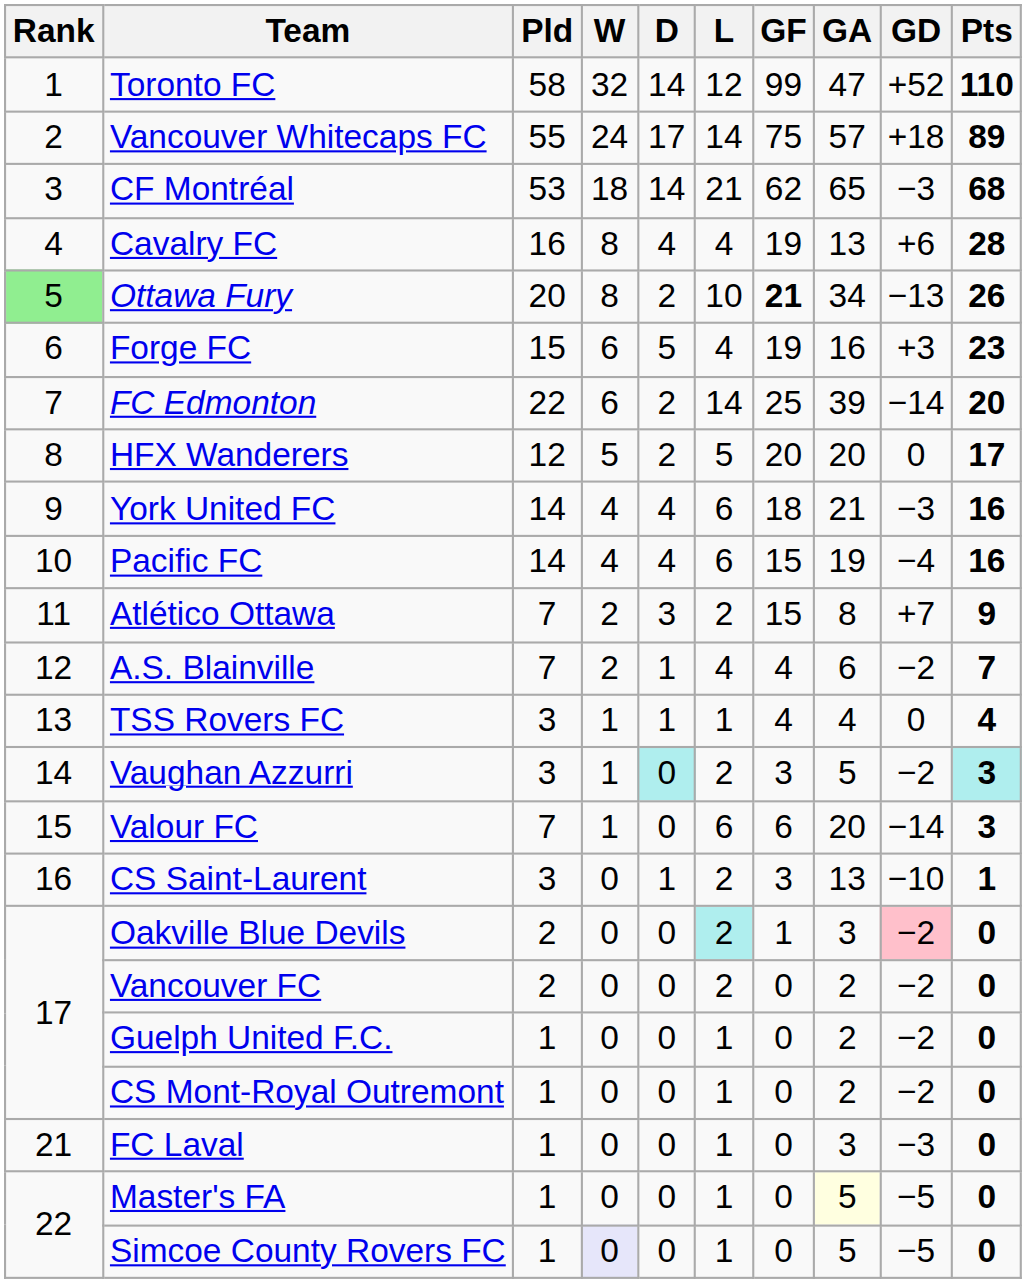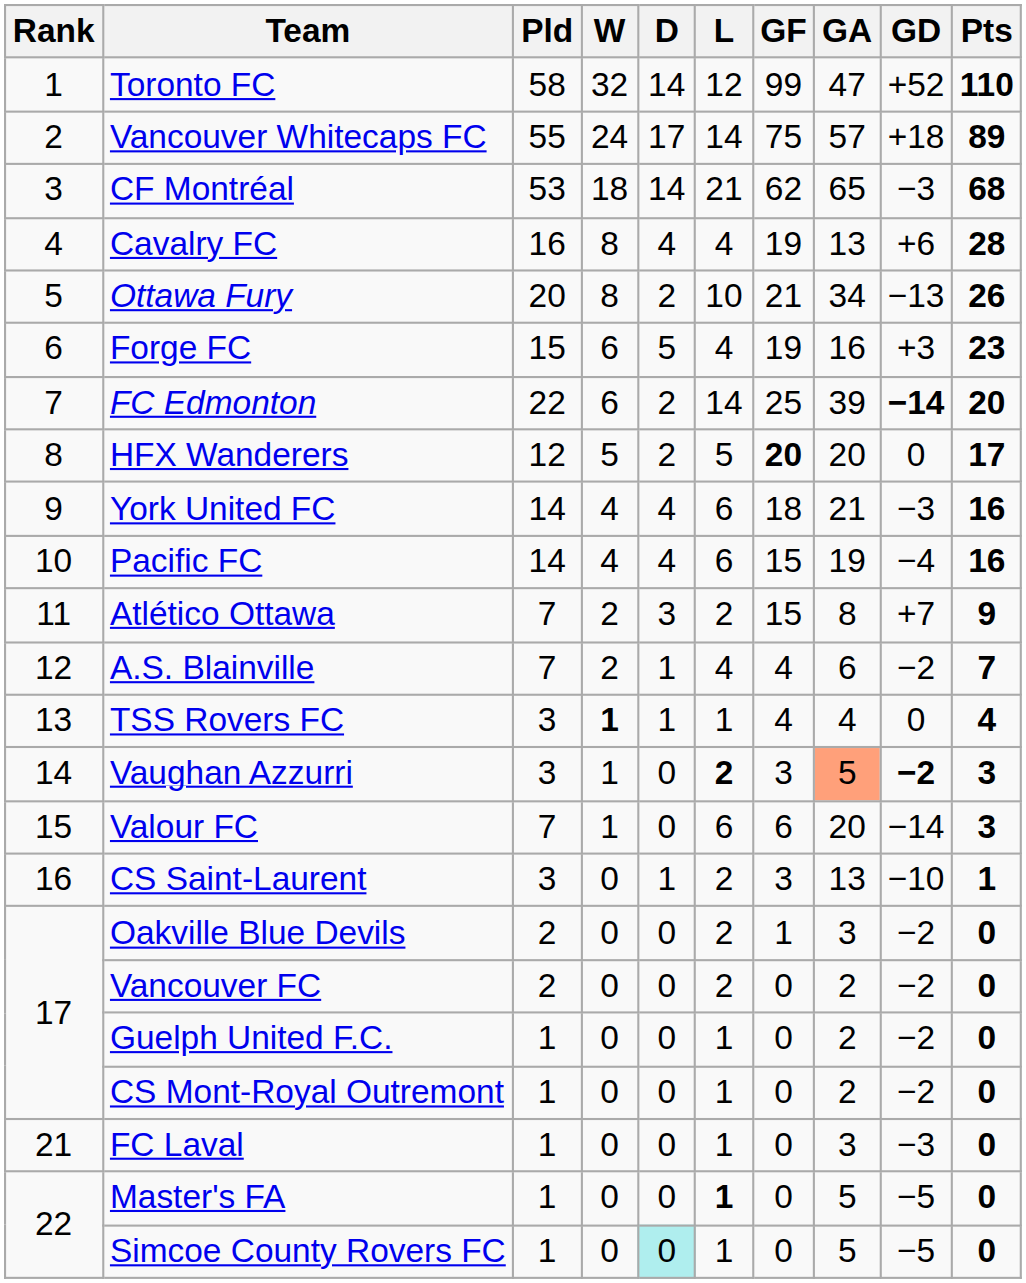 <table class="wikitable sortable" style="text-align: center;">
 <tr>
 <th>Rank</th>
 <th>Team</th>
 <th width="20">Pld</th>
 <th width="20">W</th>
 <th width="20">D</th>
 <th width="20">L</th>
 <th width="20">GF</th>
 <th width="20">GA</th>
 <th width="20">GD</th>
 <th width="20">Pts</th>
 </tr>
 <tr>
 <td>1</td>
 <td style="text-align:left;"><a href='#'>Toronto FC</a></td>
 <td>58</td>
 <td>32</td>
 <td>14</td>
 <td>12</td>
 <td>99</td>
 <td>47</td>
 <td>+52</td>
 <td><strong>110</strong></td>
 </tr>
 <tr>
 <td>2</td>
 <td style="text-align:left;"><a href='#'>Vancouver Whitecaps FC</a></td>
 <td>55</td>
 <td>24</td>
 <td>17</td>
 <td>14</td>
 <td>75</td>
 <td>57</td>
 <td>+18</td>
 <td><strong>89</strong></td>
 </tr>
 <tr>
 <td>3</td>
 <td style="text-align:left;"><a href='#'>CF Montréal</a></td>
 <td>53</td>
 <td>18</td>
 <td>14</td>
 <td>21</td>
 <td>62</td>
 <td>65</td>
 <td>−3</td>
 <td><strong>68</strong></td>
 </tr>
 <tr>
 <td>4</td>
 <td style="text-align:left;"><a href='#'>Cavalry FC</a></td>
 <td>16</td>
 <td>8</td>
 <td>4</td>
 <td>4</td>
 <td>19</td>
 <td>13</td>
 <td>+6</td>
 <td><strong>28</strong></td>
 </tr>
 <tr>
-<td style="background: lightgreen;">5</td>
+<td>5</td>
 <td style="text-align:left;"><em><a href='#'>Ottawa Fury</a></em></td>
 <td>20</td>
 <td>8</td>
 <td>2</td>
 <td>10</td>
-<td><strong>21</strong></td>
+<td>21</td>
 <td>34</td>
 <td>−13</td>
 <td><strong>26</strong></td>
 </tr>
 <tr>
 <td>6</td>
 <td style="text-align:left;"><a href='#'>Forge FC</a></td>
 <td>15</td>
 <td>6</td>
 <td>5</td>
 <td>4</td>
 <td>19</td>
 <td>16</td>
 <td>+3</td>
 <td><strong>23</strong></td>
 </tr>
 <tr>
 <td>7</td>
 <td style="text-align:left;"><em><a href='#'>FC Edmonton</a></em></td>
 <td>22</td>
 <td>6</td>
 <td>2</td>
 <td>14</td>
 <td>25</td>
 <td>39</td>
-<td>−14</td>
+<td><strong>−14</strong></td>
 <td><strong>20</strong></td>
 </tr>
 <tr>
 <td>8</td>
 <td style="text-align:left;"><a href='#'>HFX Wanderers</a></td>
 <td>12</td>
 <td>5</td>
 <td>2</td>
 <td>5</td>
-<td>20</td>
+<td><strong>20</strong></td>
 <td>20</td>
 <td>0</td>
 <td><strong>17</strong></td>
 </tr>
 <tr>
 <td>9</td>
 <td style="text-align:left;"><a href='#'>York United FC</a></td>
 <td>14</td>
 <td>4</td>
 <td>4</td>
 <td>6</td>
 <td>18</td>
 <td>21</td>
 <td>−3</td>
 <td><strong>16</strong></td>
 </tr>
 <tr>
 <td>10</td>
 <td style="text-align:left;"><a href='#'>Pacific FC</a></td>
 <td>14</td>
 <td>4</td>
 <td>4</td>
 <td>6</td>
 <td>15</td>
 <td>19</td>
 <td>−4</td>
 <td><strong>16</strong></td>
 </tr>
 <tr>
 <td>11</td>
 <td style="text-align:left;"><a href='#'>Atlético Ottawa</a></td>
 <td>7</td>
 <td>2</td>
 <td>3</td>
 <td>2</td>
 <td>15</td>
 <td>8</td>
 <td>+7</td>
 <td><strong>9</strong></td>
 </tr>
 <tr>
 <td>12</td>
 <td style="text-align:left;"><a href='#'>A.S. Blainville</a></td>
 <td>7</td>
 <td>2</td>
 <td>1</td>
 <td>4</td>
 <td>4</td>
 <td>6</td>
 <td>−2</td>
 <td><strong>7</strong></td>
 </tr>
 <tr>
 <td>13</td>
 <td style="text-align:left;"><a href='#'>TSS Rovers FC</a></td>
 <td>3</td>
-<td>1</td>
+<td><strong>1</strong></td>
 <td>1</td>
 <td>1</td>
 <td>4</td>
 <td>4</td>
 <td>0</td>
 <td><strong>4</strong></td>
 </tr>
 <tr>
 <td>14</td>
 <td style="text-align:left;"><a href='#'>Vaughan Azzurri</a></td>
 <td>3</td>
 <td>1</td>
-<td style="background: paleturquoise;">0</td>
-<td>2</td>
+<td>0</td>
+<td><strong>2</strong></td>
 <td>3</td>
-<td>5</td>
-<td>−2</td>
-<td style="background: paleturquoise;"><strong>3</strong></td>
+<td style="background: lightsalmon;">5</td>
+<td><strong>−2</strong></td>
+<td><strong>3</strong></td>
 </tr>
 <tr>
 <td>15</td>
 <td style="text-align:left;"><a href='#'>Valour FC</a></td>
 <td>7</td>
 <td>1</td>
 <td>0</td>
 <td>6</td>
 <td>6</td>
 <td>20</td>
 <td>−14</td>
 <td><strong>3</strong></td>
 </tr>
 <tr>
 <td>16</td>
 <td style="text-align:left;"><a href='#'>CS Saint-Laurent</a></td>
 <td>3</td>
 <td>0</td>
 <td>1</td>
 <td>2</td>
 <td>3</td>
 <td>13</td>
 <td>−10</td>
 <td><strong>1</strong></td>
 </tr>
 <tr>
 <td rowspan="4">17</td>
 <td style="text-align:left;"><a href='#'>Oakville Blue Devils</a></td>
 <td>2</td>
 <td>0</td>
 <td>0</td>
-<td style="background: paleturquoise;">2</td>
+<td>2</td>
 <td>1</td>
 <td>3</td>
-<td style="background: pink;">−2</td>
+<td>−2</td>
 <td><strong>0</strong></td>
 </tr>
 <tr>
 <td style="text-align:left;"><a href='#'>Vancouver FC</a></td>
 <td>2</td>
 <td>0</td>
 <td>0</td>
 <td>2</td>
 <td>0</td>
 <td>2</td>
 <td>−2</td>
 <td><strong>0</strong></td>
 </tr>
 <tr>
 <td style="text-align:left;"><a href='#'>Guelph United F.C.</a></td>
 <td>1</td>
 <td>0</td>
 <td>0</td>
 <td>1</td>
 <td>0</td>
 <td>2</td>
 <td>−2</td>
 <td><strong>0</strong></td>
 </tr>
 <tr>
 <td style="text-align:left;"><a href='#'>CS Mont-Royal Outremont</a></td>
 <td>1</td>
 <td>0</td>
 <td>0</td>
 <td>1</td>
 <td>0</td>
 <td>2</td>
 <td>−2</td>
 <td><strong>0</strong></td>
 </tr>
 <tr>
 <td>21</td>
 <td style="text-align:left;"><a href='#'>FC Laval</a></td>
 <td>1</td>
 <td>0</td>
 <td>0</td>
 <td>1</td>
 <td>0</td>
 <td>3</td>
 <td>−3</td>
 <td><strong>0</strong></td>
 </tr>
 <tr>
 <td rowspan="2">22</td>
 <td style="text-align:left;"><a href='#'>Master's FA</a></td>
 <td>1</td>
 <td>0</td>
 <td>0</td>
-<td>1</td>
+<td><strong>1</strong></td>
 <td>0</td>
-<td style="background: lightyellow;">5</td>
+<td>5</td>
 <td>−5</td>
 <td><strong>0</strong></td>
 </tr>
 <tr>
 <td style="text-align:left;"><a href='#'>Simcoe County Rovers FC</a></td>
 <td>1</td>
-<td style="background: lavender;">0</td>
 <td>0</td>
+<td style="background: paleturquoise;">0</td>
 <td>1</td>
 <td>0</td>
 <td>5</td>
 <td>−5</td>
 <td><strong>0</strong></td>
 </tr>
 </table>
